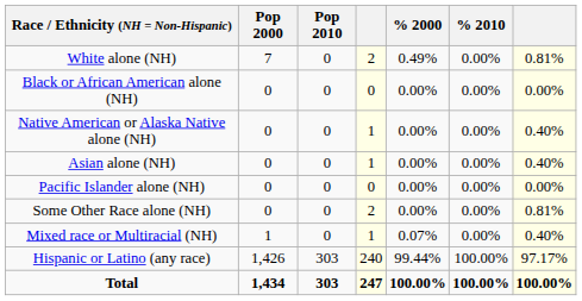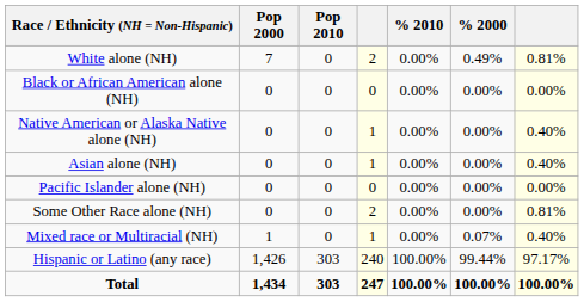 <table class="wikitable" style="text-align:center;">
 <tr>
 <th>Race / Ethnicity <small>(<em>NH = Non-Hispanic</em>)</small></th>
 <th>Pop 2000</th>
 <th>Pop 2010</th>
 <th></th>
+<th>% 2010</th>
 <th>% 2000</th>
-<th>% 2010</th>
 <th></th>
 </tr>
 <tr>
 <td><a href='#'>White</a> alone (NH)</td>
 <td>7</td>
 <td>0</td>
 <td style='background: #ffffe6;'>2</td>
+<td>0.00%</td>
 <td>0.49%</td>
-<td>0.00%</td>
 <td style='background: #ffffe6;'>0.81%</td>
 </tr>
 <tr>
 <td><a href='#'>Black or African American</a> alone (NH)</td>
 <td>0</td>
 <td>0</td>
 <td style='background: #ffffe6;'>0</td>
 <td>0.00%</td>
 <td>0.00%</td>
 <td style='background: #ffffe6;'>0.00%</td>
 </tr>
 <tr>
 <td><a href='#'>Native American</a> or <a href='#'>Alaska Native</a> alone (NH)</td>
 <td>0</td>
 <td>0</td>
 <td style='background: #ffffe6;'>1</td>
 <td>0.00%</td>
 <td>0.00%</td>
 <td style='background: #ffffe6;'>0.40%</td>
 </tr>
 <tr>
 <td><a href='#'>Asian</a> alone (NH)</td>
 <td>0</td>
 <td>0</td>
 <td style='background: #ffffe6;'>1</td>
 <td>0.00%</td>
 <td>0.00%</td>
 <td style='background: #ffffe6;'>0.40%</td>
 </tr>
 <tr>
 <td><a href='#'>Pacific Islander</a> alone (NH)</td>
 <td>0</td>
 <td>0</td>
 <td style='background: #ffffe6;'>0</td>
 <td>0.00%</td>
 <td>0.00%</td>
 <td style='background: #ffffe6;'>0.00%</td>
 </tr>
 <tr>
 <td>Some Other Race alone (NH)</td>
 <td>0</td>
 <td>0</td>
 <td style='background: #ffffe6;'>2</td>
 <td>0.00%</td>
 <td>0.00%</td>
 <td style='background: #ffffe6;'>0.81%</td>
 </tr>
 <tr>
 <td><a href='#'>Mixed race or Multiracial</a> (NH)</td>
 <td>1</td>
 <td>0</td>
 <td style='background: #ffffe6;'>1</td>
+<td>0.00%</td>
 <td>0.07%</td>
-<td>0.00%</td>
 <td style='background: #ffffe6;'>0.40%</td>
 </tr>
 <tr>
 <td><a href='#'>Hispanic or Latino</a> (any race)</td>
 <td>1,426</td>
 <td>303</td>
 <td style='background: #ffffe6;'>240</td>
+<td>100.00%</td>
 <td>99.44%</td>
-<td>100.00%</td>
 <td style='background: #ffffe6;'>97.17%</td>
 </tr>
 <tr>
 <td><strong>Total</strong></td>
 <td><strong>1,434</strong></td>
 <td><strong>303</strong></td>
 <td style='background: #ffffe6;'><strong>247</strong></td>
 <td><strong>100.00%</strong></td>
 <td><strong>100.00%</strong></td>
 <td style='background: #ffffe6;'><strong>100.00%</strong></td>
 </tr>
 </table>
